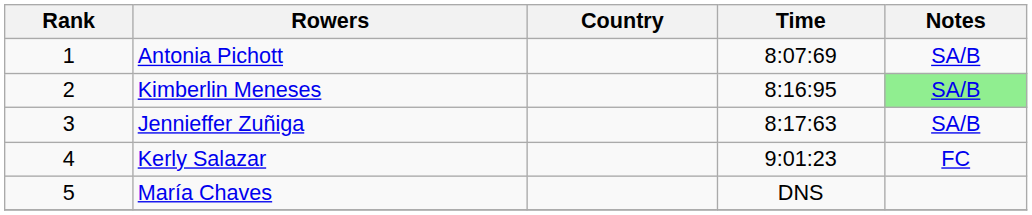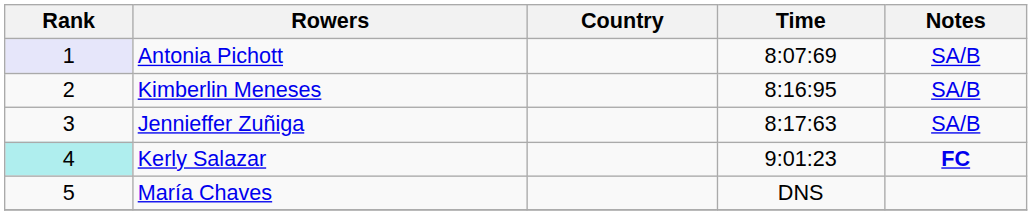 <table class="wikitable" width=60% style="text-align:center">
 <tr>
 <th>Rank</th>
 <th>Rowers</th>
 <th>Country</th>
 <th>Time</th>
 <th>Notes</th>
 </tr>
 <tr>
-<td>1</td>
+<td style="background: lavender;">1</td>
 <td align=left><a href='#'>Antonia Pichott</a></td>
 <td align=left></td>
 <td>8:07:69</td>
 <td><a href='#'>SA/B</a></td>
 </tr>
 <tr>
 <td>2</td>
 <td align=left><a href='#'>Kimberlin Meneses</a></td>
 <td align=left></td>
 <td>8:16:95</td>
-<td style="background: lightgreen;"><a href='#'>SA/B</a></td>
+<td><a href='#'>SA/B</a></td>
 </tr>
 <tr>
 <td>3</td>
 <td align=left><a href='#'>Jennieffer Zuñiga</a></td>
 <td align=left></td>
 <td>8:17:63</td>
 <td><a href='#'>SA/B</a></td>
 </tr>
 <tr>
-<td>4</td>
+<td style="background: paleturquoise;">4</td>
 <td align=left><a href='#'>Kerly Salazar</a></td>
 <td align=left></td>
 <td>9:01:23</td>
-<td><a href='#'>FC</a></td>
+<td><strong><a href='#'>FC</a></strong></td>
 </tr>
 <tr>
 <td>5</td>
 <td align=left><a href='#'>María Chaves</a></td>
 <td align=left></td>
 <td>DNS</td>
 <td></td>
 </tr>
 <tr>
 </tr>
 </table>
